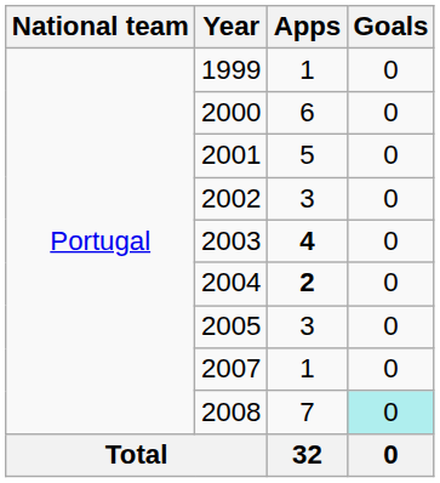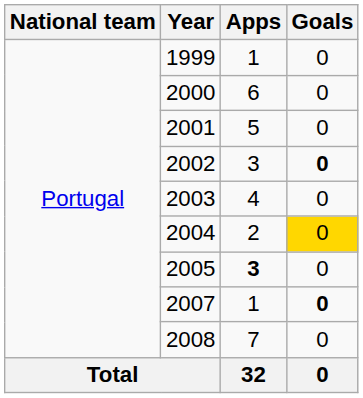 <table class="wikitable" style="text-align: center">
 <tr>
 <th>National team</th>
 <th>Year</th>
 <th>Apps</th>
 <th>Goals</th>
 </tr>
 <tr>
 <td rowspan="9"><a href='#'>Portugal</a></td>
 <td>1999</td>
 <td>1</td>
 <td>0</td>
 </tr>
 <tr>
 <td>2000</td>
 <td>6</td>
 <td>0</td>
 </tr>
 <tr>
 <td>2001</td>
 <td>5</td>
 <td>0</td>
 </tr>
 <tr>
 <td>2002</td>
 <td>3</td>
-<td>0</td>
+<td><strong>0</strong></td>
 </tr>
 <tr>
 <td>2003</td>
-<td><strong>4</strong></td>
+<td>4</td>
 <td>0</td>
 </tr>
 <tr>
 <td>2004</td>
-<td><strong>2</strong></td>
-<td>0</td>
+<td>2</td>
+<td style="background: gold;">0</td>
 </tr>
 <tr>
 <td>2005</td>
-<td>3</td>
+<td><strong>3</strong></td>
 <td>0</td>
 </tr>
 <tr>
 <td>2007</td>
 <td>1</td>
-<td>0</td>
+<td><strong>0</strong></td>
 </tr>
 <tr>
 <td>2008</td>
 <td>7</td>
-<td style="background: paleturquoise;">0</td>
+<td>0</td>
 </tr>
 <tr>
 <th colspan=2>Total</th>
 <th>32</th>
 <th>0</th>
 </tr>
 </table>
